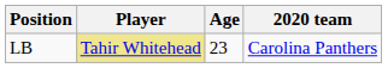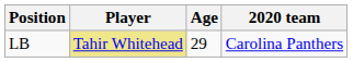 <table class="wikitable">
 <tr>
 <th>Position</th>
 <th>Player</th>
 <th>Age</th>
 <th>2020 team</th>
 </tr>
 <tr>
 <td>LB</td>
 <td style="background: khaki;"><a href='#'>Tahir Whitehead</a></td>
-<td>23</td>
+<td>29</td>
 <td><a href='#'>Carolina Panthers</a></td>
 </tr>
 </table>
